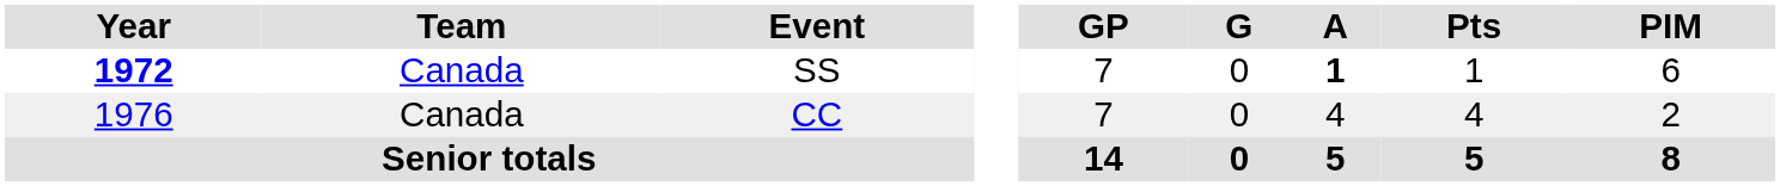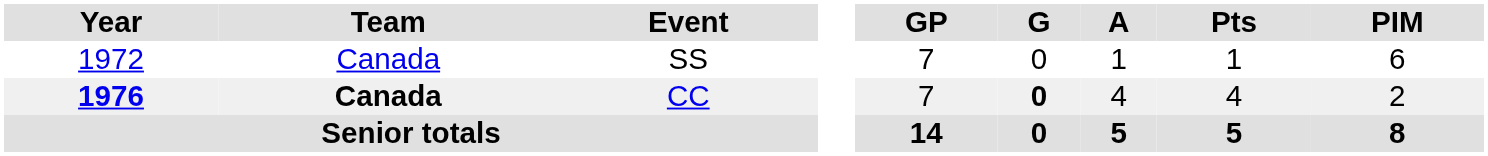 <table border="0" cellpadding="1" cellspacing="0" style="text-align:center; width:50em">
 <tr ALIGN="center" bgcolor="#e0e0e0">
 <th>Year</th>
 <th>Team</th>
 <th>Event</th>
 <th rowspan="99" bgcolor="#ffffff"> </th>
 <th>GP</th>
 <th>G</th>
 <th>A</th>
 <th>Pts</th>
 <th>PIM</th>
 </tr>
 <tr>
-<td><strong><a href='#'>1972</a></strong></td>
+<td><a href='#'>1972</a></td>
 <td><a href='#'>Canada</a></td>
 <td>SS</td>
 <td>7</td>
 <td>0</td>
-<td><strong>1</strong></td>
+<td>1</td>
 <td>1</td>
 <td>6</td>
 </tr>
 <tr bgcolor="#f0f0f0">
-<td><a href='#'>1976</a></td>
-<td>Canada</td>
+<td><strong><a href='#'>1976</a></strong></td>
+<td><strong>Canada</strong></td>
 <td><a href='#'>CC</a></td>
 <td>7</td>
-<td>0</td>
+<td><strong>0</strong></td>
 <td>4</td>
 <td>4</td>
 <td>2</td>
 </tr>
 <tr bgcolor="#e0e0e0">
 <th colspan=3>Senior totals</th>
 <th>14</th>
 <th>0</th>
 <th>5</th>
 <th>5</th>
 <th>8</th>
 </tr>
 </table>
